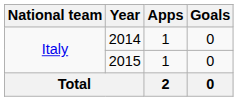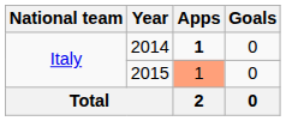 <table class="wikitable" style="text-align:center">
 <tr>
 <th>National team</th>
 <th>Year</th>
 <th>Apps</th>
 <th>Goals</th>
 </tr>
 <tr>
 <td rowspan="2"><a href='#'>Italy</a></td>
 <td>2014</td>
-<td>1</td>
+<td><strong>1</strong></td>
 <td>0</td>
 </tr>
 <tr>
 <td>2015</td>
-<td>1</td>
+<td style="background: lightsalmon;">1</td>
 <td>0</td>
 </tr>
 <tr>
 <th colspan="2">Total</th>
 <th>2</th>
 <th>0</th>
 </tr>
 </table>
